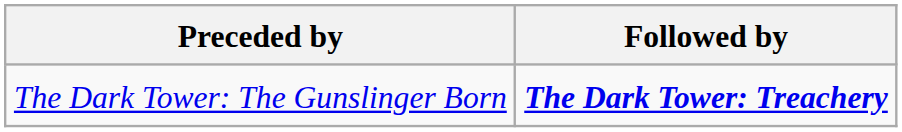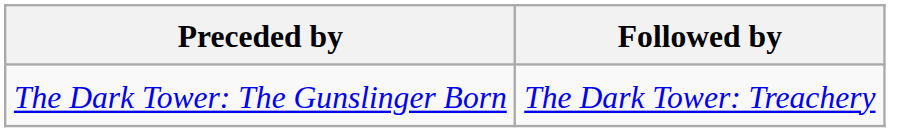 <table class="wikitable">
 <tr>
 <th><small><strong>Preceded by</strong></small></th>
 <th><small><strong>Followed by</strong></small></th>
 </tr>
 <tr>
 <td><small><em><a href='#'>The Dark Tower: The Gunslinger Born</a></em></small></td>
-<td><strong><small><em><a href='#'>The Dark Tower: Treachery</a></em></small></strong></td>
+<td><small><em><a href='#'>The Dark Tower: Treachery</a></em></small></td>
 </tr>
 </table>
